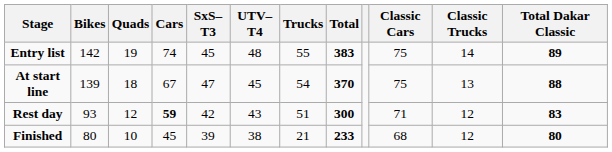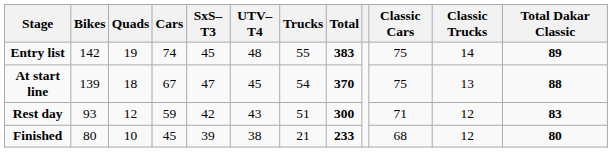 <table class="wikitable" style="font-size:85%; text-align:center;">
 <tr>
 <th>Stage</th>
 <th>Bikes</th>
 <th>Quads</th>
 <th>Cars</th>
 <th>SxS–T3</th>
 <th>UTV–T4</th>
 <th>Trucks</th>
 <th>Total</th>
 <th></th>
 <th>Classic Cars</th>
 <th>Classic Trucks</th>
 <th>Total Dakar Classic</th>
 </tr>
 <tr>
 <td><strong>Entry list</strong></td>
 <td>142</td>
 <td>19</td>
 <td>74</td>
 <td>45</td>
 <td>48</td>
 <td>55</td>
 <td><strong>383</strong></td>
 <td rowspan=4></td>
 <td>75</td>
 <td>14</td>
 <td style="width:100px"><strong>89</strong></td>
 </tr>
 <tr>
 <td><strong>At start line</strong></td>
 <td>139</td>
 <td>18</td>
 <td>67</td>
 <td>47</td>
 <td>45</td>
 <td>54</td>
 <td><strong>370</strong></td>
 <td>75</td>
 <td>13</td>
 <td style="width:100px"><strong>88</strong></td>
 </tr>
 <tr>
 <td><strong>Rest day</strong></td>
 <td>93</td>
 <td>12</td>
-<td><strong>59</strong></td>
+<td>59</td>
 <td>42</td>
 <td>43</td>
 <td>51</td>
 <td><strong>300</strong></td>
 <td>71</td>
 <td>12</td>
 <td style="width:100px"><strong>83</strong></td>
 </tr>
 <tr>
 <td><strong>Finished</strong></td>
 <td>80</td>
 <td>10</td>
 <td>45</td>
 <td>39</td>
 <td>38</td>
 <td>21</td>
 <td><strong>233</strong></td>
 <td>68</td>
 <td>12</td>
 <td style="width:100px"><strong>80</strong></td>
 </tr>
 </table>
